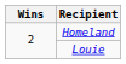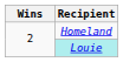 <table class="wikitable sortable" style="text-align: center">
 <tr>
 <th scope="col" style="width:55px;">Wins</th>
 <th scope="col" style="text-align:center;">Recipient</th>
 </tr>
 <tr>
 <td rowspan=2 style="text-align:center">2</td>
 <td><em><a href='#'>Homeland</a></em></td>
 </tr>
 <tr>
-<td><em><a href='#'>Louie</a></em></td>
+<td style="background: paleturquoise;"><em><a href='#'>Louie</a></em></td>
 </tr>
 </table>
